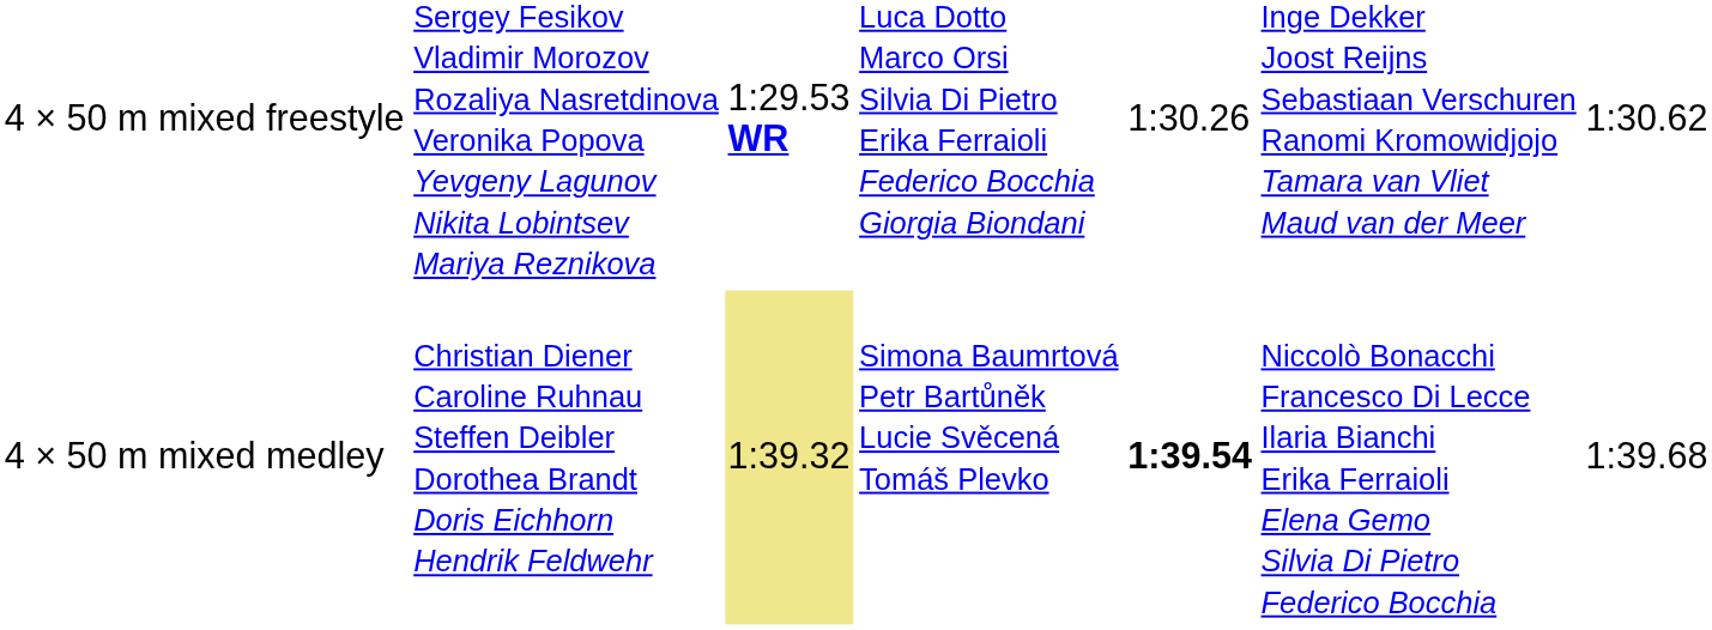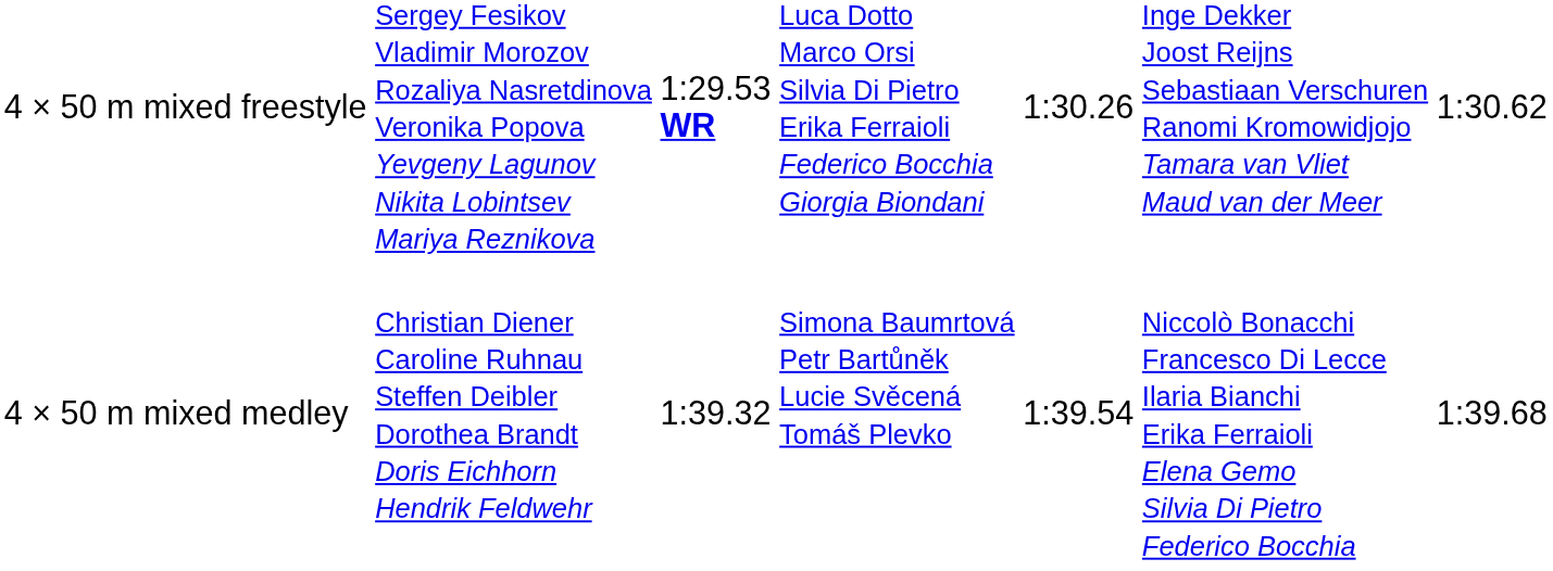 <table>
 <tr>
 <td>4 × 50 m mixed freestyle</td>
 <td valign=top><br><small><a href='#'>Sergey Fesikov</a><br><a href='#'>Vladimir Morozov</a><br><a href='#'>Rozaliya Nasretdinova</a><br><a href='#'>Veronika Popova</a><br><em><a href='#'>Yevgeny Lagunov</a><br><a href='#'>Nikita Lobintsev</a><br><a href='#'>Mariya Reznikova</a></em></small></td>
 <td>1:29.53<br><strong><a href='#'>WR</a></strong></td>
 <td valign=top><br><small><a href='#'>Luca Dotto</a><br><a href='#'>Marco Orsi</a><br><a href='#'>Silvia Di Pietro</a><br><a href='#'>Erika Ferraioli</a><br><em><a href='#'>Federico Bocchia</a><br><a href='#'>Giorgia Biondani</a></em></small></td>
 <td>1:30.26</td>
 <td valign=top><br><small><a href='#'>Inge Dekker</a><br><a href='#'>Joost Reijns</a><br><a href='#'>Sebastiaan Verschuren</a><br><a href='#'>Ranomi Kromowidjojo</a><br><em><a href='#'>Tamara van Vliet</a><br><a href='#'>Maud van der Meer</a></em></small></td>
 <td>1:30.62</td>
 </tr>
 <tr>
 <td>4 × 50 m mixed medley</td>
 <td valign=top><br><small><a href='#'>Christian Diener</a><br><a href='#'>Caroline Ruhnau</a><br><a href='#'>Steffen Deibler</a><br><a href='#'>Dorothea Brandt</a><br><em><a href='#'>Doris Eichhorn</a><br><a href='#'>Hendrik Feldwehr</a></em></small></td>
-<td style="background: khaki;">1:39.32</td>
+<td>1:39.32</td>
 <td valign=top><br><small><a href='#'>Simona Baumrtová</a><br><a href='#'>Petr Bartůněk</a><br><a href='#'>Lucie Svěcená</a><br><a href='#'>Tomáš Plevko</a></small></td>
-<td><strong>1:39.54</strong></td>
+<td>1:39.54</td>
 <td valign=top><br><small><a href='#'>Niccolò Bonacchi</a><br><a href='#'>Francesco Di Lecce</a><br><a href='#'>Ilaria Bianchi</a><br><a href='#'>Erika Ferraioli</a><br><em><a href='#'>Elena Gemo</a><br><a href='#'>Silvia Di Pietro</a><br><a href='#'>Federico Bocchia</a></em></small></td>
 <td>1:39.68</td>
 </tr>
 </table>
